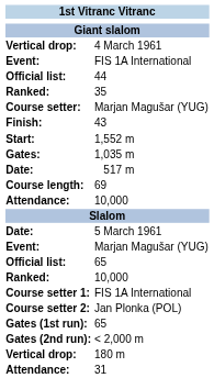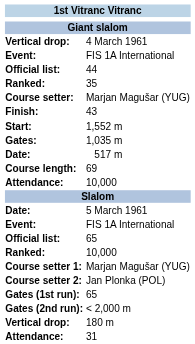 <table border=0 class="toccolours float-right" align="right" style="margin:0 0 0.5em 1em; font-size: 85%;">
 <tr>
 <th bgcolor=#BCD4E6 colspan=2 align="center">1st Vitranc Vitranc</th>
 </tr>
 <tr>
 <td align="center" colspan=2></td>
 </tr>
 <tr>
 <th bgcolor=#b0c4de colspan=2 align="center">Giant slalom</th>
 </tr>
 <tr>
 <td><strong>Vertical drop:</strong></td>
 <td>4 March 1961</td>
 </tr>
 <tr>
 <td><strong>Event:</strong></td>
 <td>FIS 1A International</td>
 </tr>
 <tr>
 <td><strong>Official list:</strong></td>
 <td>44</td>
 </tr>
 <tr>
 <td><strong>Ranked:</strong></td>
 <td>35</td>
 </tr>
 <tr>
 <td><strong>Course setter:</strong></td>
 <td>Marjan Magušar (YUG)</td>
 </tr>
 <tr>
 <td><strong>Finish:</strong></td>
 <td>43</td>
 </tr>
 <tr>
 <td><strong>Start:</strong></td>
 <td>1,552 m</td>
 </tr>
 <tr>
 <td><strong>Gates:</strong></td>
 <td>1,035 m</td>
 </tr>
 <tr>
 <td><strong>Date:</strong></td>
 <td>   517 m</td>
 </tr>
 <tr>
 <td><strong>Course length:</strong></td>
 <td>69</td>
 </tr>
 <tr>
 <td><strong>Attendance:</strong></td>
 <td>10,000</td>
 </tr>
 <tr>
 <th bgcolor=#b0c4de colspan=2 align="center">Slalom</th>
 </tr>
 <tr>
 <td><strong>Date:</strong></td>
 <td>5 March 1961</td>
 </tr>
 <tr>
 <td><strong>Event:</strong></td>
-<td>Marjan Magušar (YUG)</td>
+<td>FIS 1A International</td>
 </tr>
 <tr>
 <td><strong>Official list:</strong></td>
 <td>65</td>
 </tr>
 <tr>
 <td><strong>Ranked:</strong></td>
 <td>10,000</td>
 </tr>
 <tr>
 <td><strong>Course setter 1:</strong></td>
-<td>FIS 1A International</td>
+<td>Marjan Magušar (YUG)</td>
 </tr>
 <tr>
 <td><strong>Course setter 2:</strong></td>
 <td>Jan Plonka (POL)</td>
 </tr>
 <tr>
 <td><strong>Gates (1st run):</strong></td>
 <td>65</td>
 </tr>
 <tr>
 <td><strong>Gates (2nd run):</strong></td>
 <td>< 2,000 m</td>
 </tr>
 <tr>
 <td><strong>Vertical drop:</strong></td>
 <td>180 m</td>
 </tr>
 <tr>
 <td><strong>Attendance:</strong></td>
 <td>31</td>
 </tr>
 </table>
